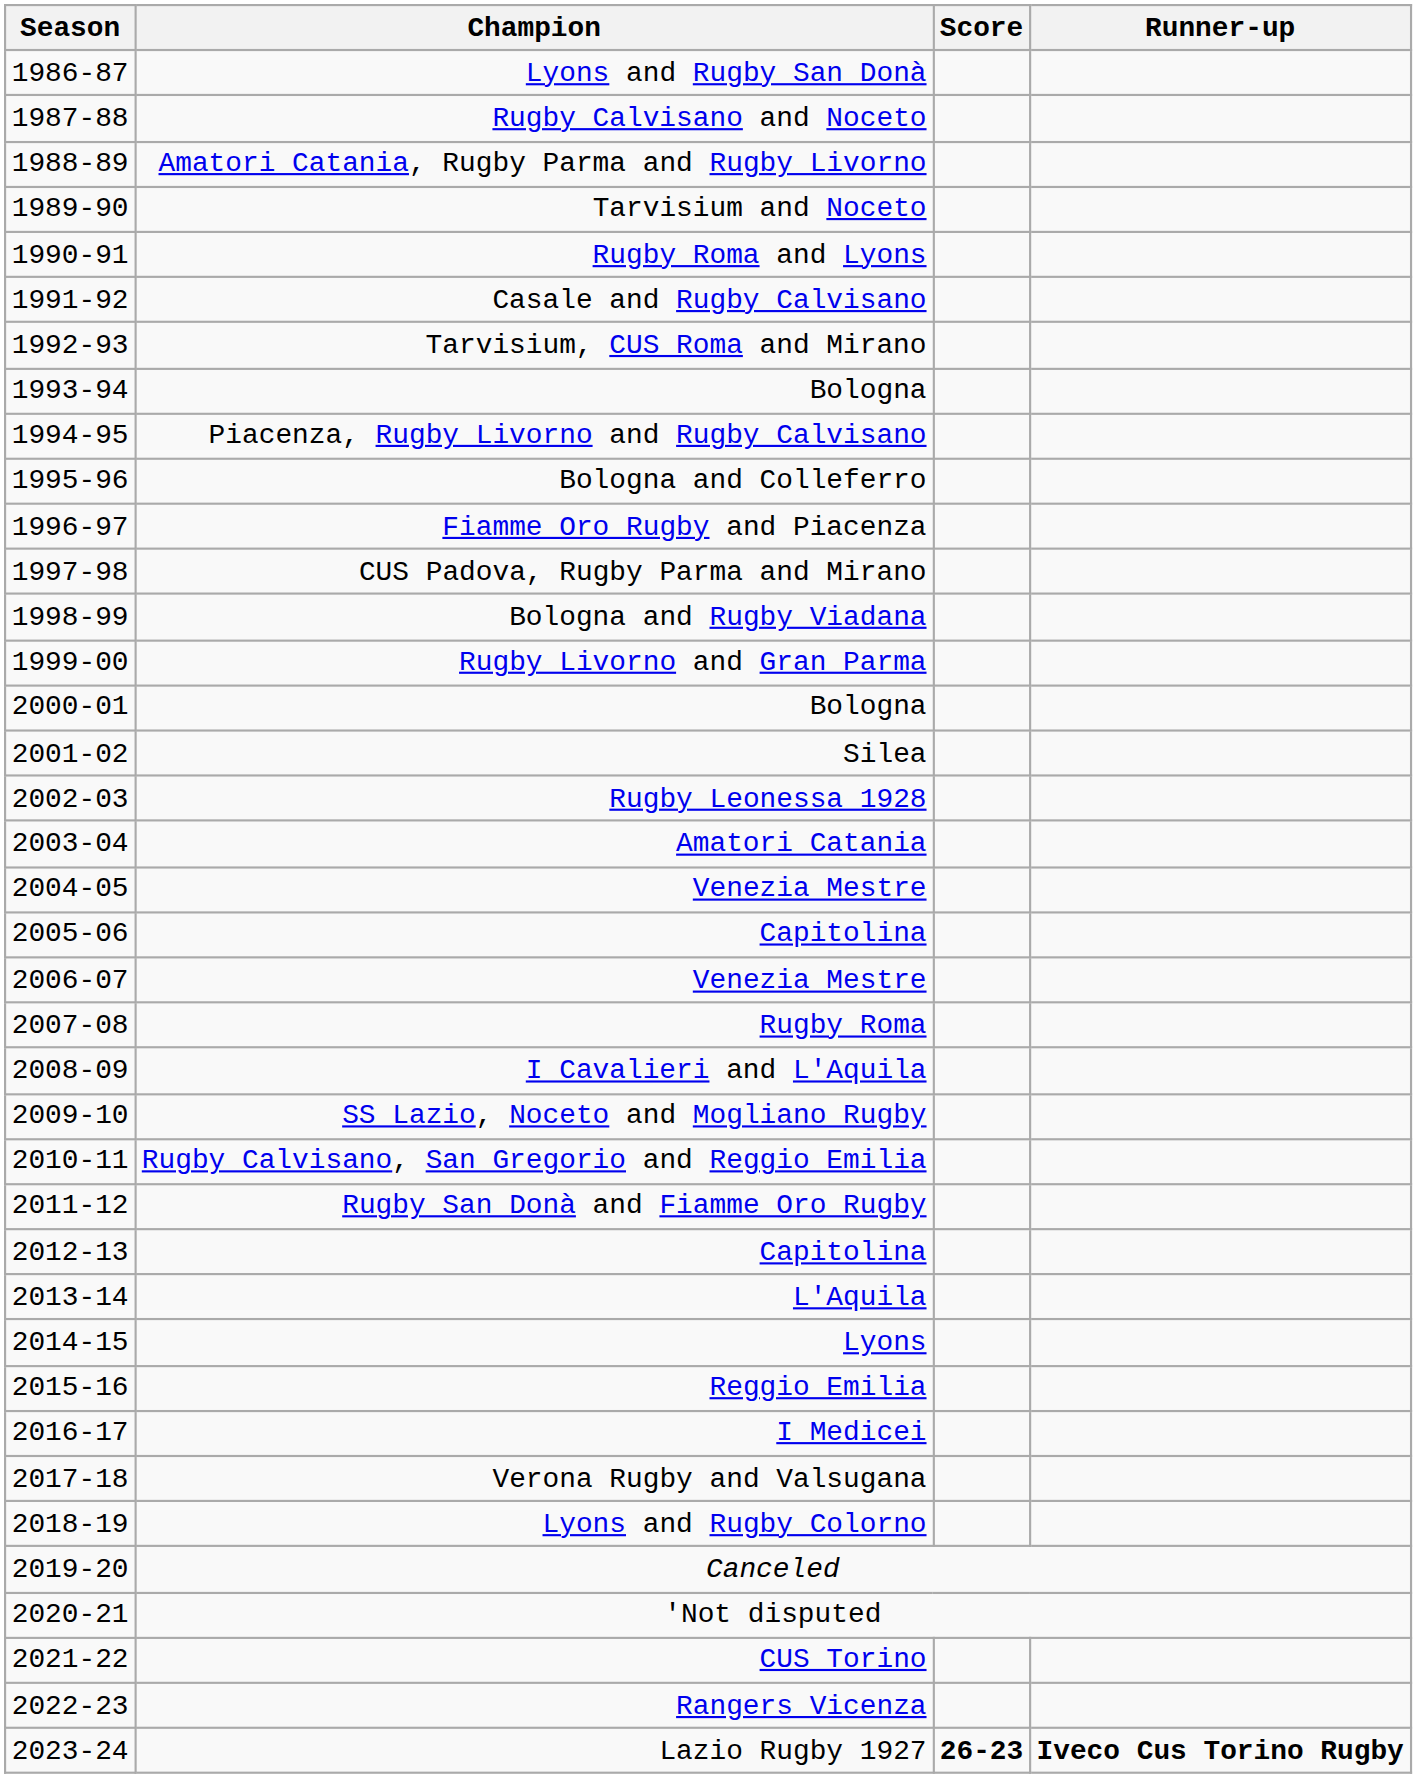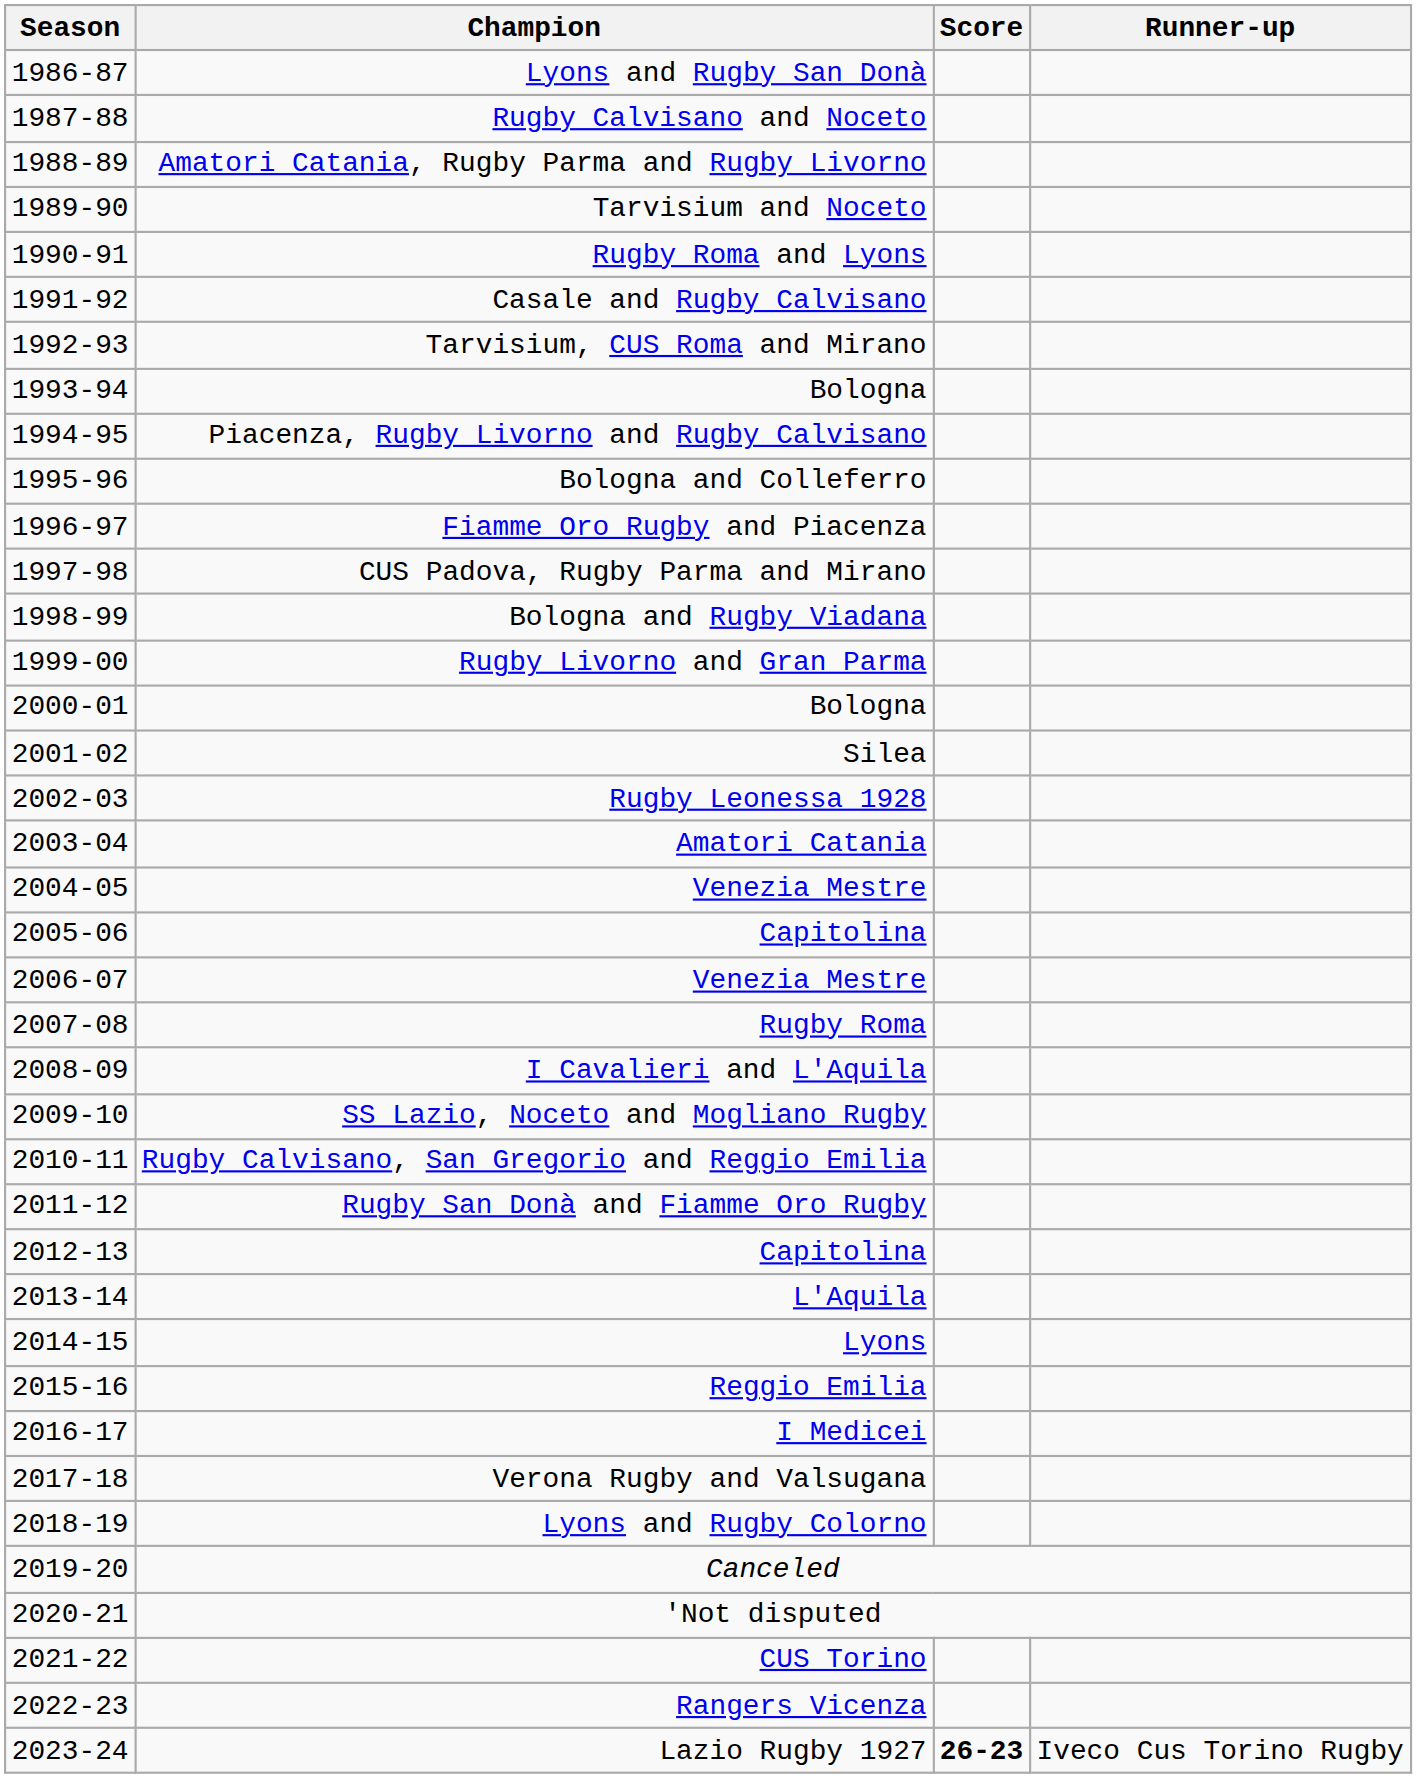 <table class="wikitable">
 <tr>
 <th>Season</th>
 <th> Champion</th>
 <th>Score</th>
 <th> Runner-up</th>
 </tr>
 <tr>
 <td>1986-87</td>
 <td style="text-align:right;"><a href='#'>Lyons</a> and <a href='#'>Rugby San Donà</a></td>
 <td></td>
 <td></td>
 </tr>
 <tr>
 <td>1987-88</td>
 <td style="text-align:right;"><a href='#'>Rugby Calvisano</a> and <a href='#'>Noceto</a></td>
 <td></td>
 <td></td>
 </tr>
 <tr>
 <td>1988-89</td>
 <td style="text-align:right;"><a href='#'>Amatori Catania</a>, Rugby Parma and <a href='#'>Rugby Livorno</a></td>
 <td></td>
 <td></td>
 </tr>
 <tr>
 <td>1989-90</td>
 <td style="text-align:right;">Tarvisium and <a href='#'>Noceto</a></td>
 <td></td>
 <td></td>
 </tr>
 <tr>
 <td>1990-91</td>
 <td style="text-align:right;"><a href='#'>Rugby Roma</a> and <a href='#'>Lyons</a></td>
 <td></td>
 <td></td>
 </tr>
 <tr>
 <td>1991-92</td>
 <td style="text-align:right;">Casale and <a href='#'>Rugby Calvisano</a></td>
 <td></td>
 <td></td>
 </tr>
 <tr>
 <td>1992-93</td>
 <td style="text-align:right;">Tarvisium, <a href='#'>CUS Roma</a> and Mirano</td>
 <td></td>
 <td></td>
 </tr>
 <tr>
 <td>1993-94</td>
 <td style="text-align:right;">Bologna</td>
 <td></td>
 <td></td>
 </tr>
 <tr>
 <td>1994-95</td>
 <td style="text-align:right;">Piacenza, <a href='#'>Rugby Livorno</a> and <a href='#'>Rugby Calvisano</a></td>
 <td></td>
 <td></td>
 </tr>
 <tr>
 <td>1995-96</td>
 <td style="text-align:right;">Bologna and Colleferro</td>
 <td></td>
 <td></td>
 </tr>
 <tr>
 <td>1996-97</td>
 <td style="text-align:right;"><a href='#'>Fiamme Oro Rugby</a> and Piacenza</td>
 <td></td>
 <td></td>
 </tr>
 <tr>
 <td>1997-98</td>
 <td style="text-align:right;">CUS Padova, Rugby Parma and Mirano</td>
 <td></td>
 <td></td>
 </tr>
 <tr>
 <td>1998-99</td>
 <td style="text-align:right;">Bologna and <a href='#'>Rugby Viadana</a></td>
 <td></td>
 <td></td>
 </tr>
 <tr>
 <td>1999-00</td>
 <td style="text-align:right;"><a href='#'>Rugby Livorno</a> and <a href='#'>Gran Parma</a></td>
 <td></td>
 <td></td>
 </tr>
 <tr>
 <td>2000-01</td>
 <td style="text-align:right;">Bologna</td>
 <td></td>
 <td></td>
 </tr>
 <tr>
 <td>2001-02</td>
 <td style="text-align:right;">Silea</td>
 <td></td>
 <td></td>
 </tr>
 <tr>
 <td>2002-03</td>
 <td style="text-align:right;"><a href='#'>Rugby Leonessa 1928</a></td>
 <td></td>
 <td></td>
 </tr>
 <tr>
 <td>2003-04</td>
 <td style="text-align:right;"><a href='#'>Amatori Catania</a></td>
 <td></td>
 <td></td>
 </tr>
 <tr>
 <td>2004-05</td>
 <td style="text-align:right;"><a href='#'>Venezia Mestre</a></td>
 <td></td>
 <td></td>
 </tr>
 <tr>
 <td>2005-06</td>
 <td style="text-align:right;"><a href='#'>Capitolina</a></td>
 <td></td>
 <td></td>
 </tr>
 <tr>
 <td>2006-07</td>
 <td style="text-align:right;"><a href='#'>Venezia Mestre</a></td>
 <td></td>
 <td></td>
 </tr>
 <tr>
 <td>2007-08</td>
 <td style="text-align:right;"><a href='#'>Rugby Roma</a></td>
 <td></td>
 <td></td>
 </tr>
 <tr>
 <td>2008-09</td>
 <td style="text-align:right;"><a href='#'>I Cavalieri</a> and <a href='#'>L'Aquila</a></td>
 <td></td>
 <td></td>
 </tr>
 <tr>
 <td>2009-10</td>
 <td style="text-align:right;"><a href='#'>SS Lazio</a>, <a href='#'>Noceto</a> and <a href='#'>Mogliano Rugby</a></td>
 <td></td>
 <td></td>
 </tr>
 <tr>
 <td>2010-11</td>
 <td style="text-align:right;"><a href='#'>Rugby Calvisano</a>, <a href='#'>San Gregorio</a> and <a href='#'>Reggio Emilia</a></td>
 <td></td>
 <td></td>
 </tr>
 <tr>
 <td>2011-12</td>
 <td style="text-align:right;"><a href='#'>Rugby San Donà</a> and <a href='#'>Fiamme Oro Rugby</a></td>
 <td></td>
 <td></td>
 </tr>
 <tr>
 <td>2012-13</td>
 <td style="text-align:right;"><a href='#'>Capitolina</a></td>
 <td></td>
 <td></td>
 </tr>
 <tr>
 <td>2013-14</td>
 <td style="text-align:right;"><a href='#'>L'Aquila</a></td>
 <td></td>
 <td></td>
 </tr>
 <tr>
 <td>2014-15</td>
 <td style="text-align:right;"><a href='#'>Lyons</a></td>
 <td></td>
 <td></td>
 </tr>
 <tr>
 <td>2015-16</td>
 <td style="text-align:right;"><a href='#'>Reggio Emilia</a></td>
 <td></td>
 <td></td>
 </tr>
 <tr>
 <td>2016-17</td>
 <td style="text-align:right;"><a href='#'>I Medicei</a></td>
 <td></td>
 <td></td>
 </tr>
 <tr>
 <td>2017-18</td>
 <td style="text-align:right;">Verona Rugby and Valsugana</td>
 <td></td>
 <td></td>
 </tr>
 <tr>
 <td>2018-19</td>
 <td style="text-align:right;"><a href='#'>Lyons</a> and <a href='#'>Rugby Colorno</a></td>
 <td></td>
 <td></td>
 </tr>
 <tr>
 <td>2019-20</td>
 <td align=center colspan="4"><em>Canceled</em></td>
 </tr>
 <tr>
 <td>2020-21</td>
 <td align=center colspan="4">'Not disputed<em></td>
 </tr>
 <tr>
 <td>2021-22</td>
 <td style="text-align:right;"><a href='#'>CUS Torino</a></td>
 <td></td>
 <td></td>
 </tr>
 <tr>
 <td>2022-23</td>
 <td style="text-align:right;"><a href='#'>Rangers Vicenza</a></td>
 <td></td>
 <td></td>
 </tr>
 <tr>
 <td>2023-24</td>
 <td style="text-align:right;">Lazio Rugby 1927</td>
 <td style="text-align:center;"><strong>26-23</strong></td>
-<td style="text-align:left;"><strong>Iveco Cus Torino Rugby</strong></td>
+<td style="text-align:left;">Iveco Cus Torino Rugby</td>
 </tr>
 </table>
